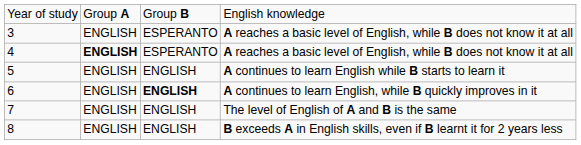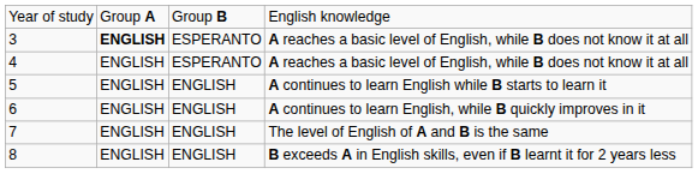 <table class="wikitable">
 <tr>
 <td>Year of study</td>
 <td>Group <strong>A</strong></td>
 <td>Group <strong>B</strong></td>
 <td>English knowledge</td>
 </tr>
 <tr>
 <td>3</td>
-<td>ENGLISH</td>
+<td><strong>ENGLISH</strong></td>
 <td>ESPERANTO</td>
 <td><strong>A</strong> reaches a basic level of English, while <strong>B</strong> does not know it at all</td>
 </tr>
 <tr>
 <td>4</td>
-<td><strong>ENGLISH</strong></td>
+<td>ENGLISH</td>
 <td>ESPERANTO</td>
 <td><strong>A</strong> reaches a basic level of English, while <strong>B</strong> does not know it at all</td>
 </tr>
 <tr>
 <td>5</td>
 <td>ENGLISH</td>
 <td>ENGLISH</td>
 <td><strong>A</strong> continues to learn English while <strong>B</strong> starts to learn it</td>
 </tr>
 <tr>
 <td>6</td>
 <td>ENGLISH</td>
-<td><strong>ENGLISH</strong></td>
+<td>ENGLISH</td>
 <td><strong>A</strong> continues to learn English, while <strong>B</strong> quickly improves in it</td>
 </tr>
 <tr>
 <td>7</td>
 <td>ENGLISH</td>
 <td>ENGLISH</td>
 <td>The level of English of <strong>A</strong> and <strong>B</strong> is the same</td>
 </tr>
 <tr>
 <td>8</td>
 <td>ENGLISH</td>
 <td>ENGLISH</td>
 <td><strong>B</strong> exceeds <strong>A</strong> in English skills, even if <strong>B</strong> learnt it for 2 years less</td>
 </tr>
 </table>
